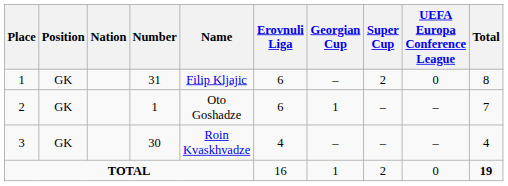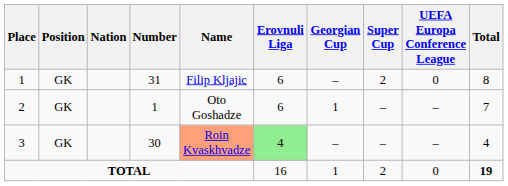 <table class="wikitable" style="font-size: 95%; text-align: center;">
 <tr>
 <th width=60>Place</th>
 <th width=60>Position</th>
 <th width=60>Nation</th>
 <th width=60>Number</th>
 <th width=200>Name</th>
 <th width=150><a href='#'>Erovnuli Liga</a></th>
 <th width=150><a href='#'>Georgian Cup</a></th>
 <th width=150><a href='#'>Super Cup</a></th>
 <th width=150><a href='#'>UEFA Europa Conference League</a></th>
 <th width=80>Total</th>
 </tr>
 <tr>
 <td>1</td>
 <td>GK</td>
 <td></td>
 <td>31</td>
 <td><a href='#'>Filip Kljajic</a></td>
 <td>6</td>
 <td>–</td>
 <td>2</td>
 <td>0</td>
 <td>8</td>
 </tr>
 <tr>
 <td>2</td>
 <td>GK</td>
 <td></td>
 <td>1</td>
 <td>Oto Goshadze</td>
 <td>6</td>
 <td>1</td>
 <td>–</td>
 <td>–</td>
 <td>7</td>
 </tr>
 <tr>
 <td>3</td>
 <td>GK</td>
 <td></td>
 <td>30</td>
-<td><a href='#'>Roin Kvaskhvadze</a></td>
-<td>4</td>
+<td style="background: lightsalmon;"><a href='#'>Roin Kvaskhvadze</a></td>
+<td style="background: lightgreen;">4</td>
 <td>–</td>
 <td>–</td>
 <td>–</td>
 <td>4</td>
 </tr>
 <tr>
 <td colspan="5"><strong>TOTAL</strong></td>
 <td>16</td>
 <td>1</td>
 <td>2</td>
 <td>0</td>
 <td><strong>19</strong></td>
 </tr>
 </table>
